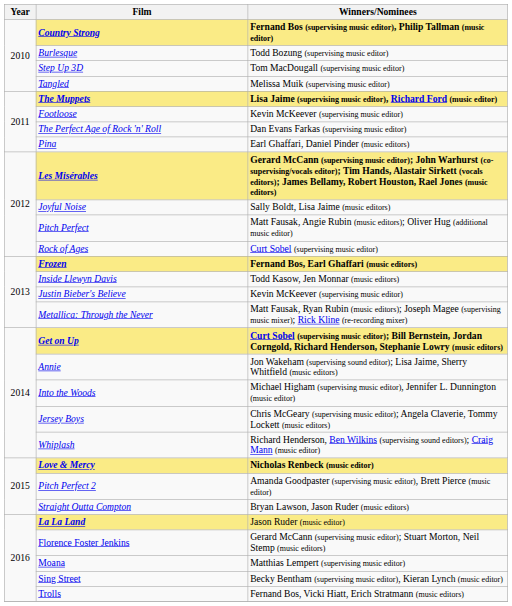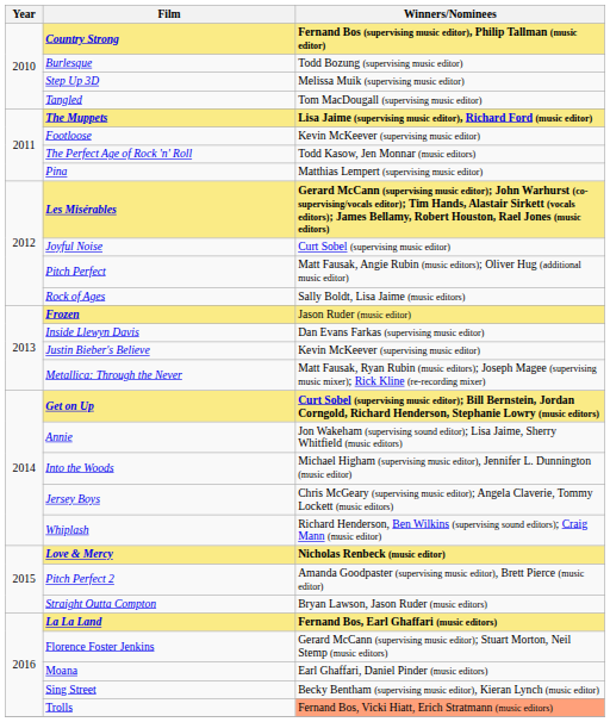 <table class="wikitable" width="95%" cellpadding="5">
 <tr>
 <th width="6%">Year</th>
 <th width="40%">Film</th>
 <th width="49%">Winners/Nominees</th>
 </tr>
 <tr>
 <td rowspan=4 style="text-align:center">2010<br></td>
 <td style="background:#FAEB86;"><strong><em><a href='#'>Country Strong</a></em></strong></td>
 <td style="background:#FAEB86;"><strong>Fernand Bos <small>(supervising music editor)</small>, Philip Tallman <small>(music editor)</small></strong></td>
 </tr>
 <tr>
 <td><em><a href='#'>Burlesque</a></em></td>
 <td>Todd Bozung <small>(supervising music editor)</small></td>
 </tr>
 <tr>
 <td><em><a href='#'>Step Up 3D</a></em></td>
-<td>Tom MacDougall <small>(supervising music editor)</small></td>
+<td>Melissa Muik <small>(supervising music editor)</small></td>
 </tr>
 <tr>
 <td><em><a href='#'>Tangled</a></em></td>
-<td>Melissa Muik <small>(supervising music editor)</small></td>
+<td>Tom MacDougall <small>(supervising music editor)</small></td>
 </tr>
 <tr>
 <td rowspan=4 style="text-align:center">2011<br></td>
 <td style="background:#FAEB86;"><strong><em><a href='#'>The Muppets</a></em></strong></td>
 <td style="background:#FAEB86;"><strong>Lisa Jaime <small>(supervising music editor)</small>, <a href='#'>Richard Ford</a> <small>(music editor)</small></strong></td>
 </tr>
 <tr>
 <td><em><a href='#'>Footloose</a></em></td>
 <td>Kevin McKeever <small>(supervising music editor)</small></td>
 </tr>
 <tr>
 <td><em><a href='#'>The Perfect Age of Rock 'n' Roll</a></em></td>
-<td>Dan Evans Farkas <small>(supervising music editor)</small></td>
+<td>Todd Kasow, Jen Monnar <small>(music editors)</small></td>
 </tr>
 <tr>
 <td><em><a href='#'>Pina</a></em></td>
-<td>Earl Ghaffari, Daniel Pinder <small>(music editors)</small></td>
+<td>Matthias Lempert <small>(supervising music editor)</small></td>
 </tr>
 <tr>
 <td rowspan=4 style="text-align:center">2012<br></td>
 <td style="background:#FAEB86;"><strong><em><a href='#'>Les Misérables</a></em></strong></td>
 <td style="background:#FAEB86;"><strong>Gerard McCann <small>(supervising music editor)</small>; John Warhurst <small>(co-supervising/vocals editor)</small>; Tim Hands, Alastair Sirkett <small>(vocals editors)</small>; James Bellamy, Robert Houston, Rael Jones <small>(music editors)</small></strong></td>
 </tr>
 <tr>
 <td><em><a href='#'>Joyful Noise</a></em></td>
-<td>Sally Boldt, Lisa Jaime <small>(music editors)</small></td>
+<td><a href='#'>Curt Sobel</a> <small>(supervising music editor)</small></td>
 </tr>
 <tr>
 <td><em><a href='#'>Pitch Perfect</a></em></td>
 <td>Matt Fausak, Angie Rubin <small>(music editors)</small>; Oliver Hug <small>(additional music editor)</small></td>
 </tr>
 <tr>
 <td><em><a href='#'>Rock of Ages</a></em></td>
-<td><a href='#'>Curt Sobel</a> <small>(supervising music editor)</small></td>
+<td>Sally Boldt, Lisa Jaime <small>(music editors)</small></td>
 </tr>
 <tr>
 <td rowspan=4 style="text-align:center">2013<br></td>
 <td style="background:#FAEB86;"><strong><em><a href='#'>Frozen</a></em></strong></td>
-<td style="background:#FAEB86;"><strong>Fernand Bos, Earl Ghaffari <small>(music editors)</small></strong></td>
+<td style="background:#FAEB86;"></strong>Jason Ruder <small>(music editor)</small><strong></td>
 </tr>
 <tr>
 <td><em><a href='#'>Inside Llewyn Davis</a></em></td>
-<td>Todd Kasow, Jen Monnar <small>(music editors)</small></td>
+<td>Dan Evans Farkas <small>(supervising music editor)</small></td>
 </tr>
 <tr>
 <td><em><a href='#'>Justin Bieber's Believe</a></em></td>
 <td>Kevin McKeever <small>(supervising music editor)</small></td>
 </tr>
 <tr>
 <td><em><a href='#'>Metallica: Through the Never</a></em></td>
 <td>Matt Fausak, Ryan Rubin <small>(music editors)</small>; Joseph Magee <small>(supervising music mixer)</small>; <a href='#'>Rick Kline</a> <small>(re-recording mixer)</small></td>
 </tr>
 <tr>
 <td rowspan=5 style="text-align:center">2014<br></td>
 <td style="background:#FAEB86;"><strong><em><a href='#'>Get on Up</a></em></strong></td>
 <td style="background:#FAEB86;"><strong><a href='#'>Curt Sobel</a> <small>(supervising music editor)</small>; Bill Bernstein, Jordan Corngold, Richard Henderson, Stephanie Lowry <small>(music editors)</small></strong></td>
 </tr>
 <tr>
 <td><em><a href='#'>Annie</a></em></td>
 <td>Jon Wakeham <small>(supervising sound editor)</small>; Lisa Jaime, Sherry Whitfield <small>(music editors)</small></td>
 </tr>
 <tr>
 <td><em><a href='#'>Into the Woods</a></em></td>
 <td>Michael Higham <small>(supervising music editor)</small>, Jennifer L. Dunnington <small>(music editor)</small></td>
 </tr>
 <tr>
 <td><em><a href='#'>Jersey Boys</a></em></td>
 <td>Chris McGeary <small>(supervising music editor)</small>; Angela Claverie, Tommy Lockett <small>(music editors)</small></td>
 </tr>
 <tr>
 <td><em><a href='#'>Whiplash</a></em></td>
 <td>Richard Henderson, <a href='#'>Ben Wilkins</a> <small>(supervising sound editors)</small>; <a href='#'>Craig Mann</a> <small>(music editor)</small></td>
 </tr>
 <tr>
 <td rowspan=3 style="text-align:center">2015<br></td>
 <td style="background:#FAEB86;"><strong><em><a href='#'>Love & Mercy</a></em></strong></td>
 <td style="background:#FAEB86;"><strong>Nicholas Renbeck <small>(music editor)</small></strong></td>
 </tr>
 <tr>
 <td><em><a href='#'>Pitch Perfect 2</a></em></td>
 <td>Amanda Goodpaster <small>(supervising music editor)</small>, Brett Pierce <small>(music editor)</small></td>
 </tr>
 <tr>
 <td><em><a href='#'>Straight Outta Compton</a></em></td>
 <td>Bryan Lawson, Jason Ruder <small>(music editors)</small></td>
 </tr>
 <tr>
 <td rowspan=5 style="text-align:center">2016<br></td>
 <td style="background:#FAEB86;"><strong><em><a href='#'>La La Land</a><em> <strong></td>
-<td style="background:#FAEB86;"></strong>Jason Ruder <small>(music editor)</small><strong></td>
+<td style="background:#FAEB86;"><strong>Fernand Bos, Earl Ghaffari <small>(music editors)</small></strong></td>
 </tr>
 <tr>
 <td></em><a href='#'>Florence Foster Jenkins</a><em></td>
 <td>Gerard McCann <small>(supervising music editor)</small>; Stuart Morton, Neil Stemp <small>(music editors)</small></td>
 </tr>
 <tr>
 <td></em><a href='#'>Moana</a><em></td>
-<td>Matthias Lempert <small>(supervising music editor)</small></td>
+<td>Earl Ghaffari, Daniel Pinder <small>(music editors)</small></td>
 </tr>
 <tr>
 <td></em><a href='#'>Sing Street</a><em></td>
 <td>Becky Bentham <small>(supervising music editor)</small>, Kieran Lynch <small>(music editor)</small></td>
 </tr>
 <tr>
 <td></em><a href='#'>Trolls</a><em></td>
-<td>Fernand Bos, Vicki Hiatt, Erich Stratmann <small>(music editors)</small></td>
+<td style="background: lightsalmon;">Fernand Bos, Vicki Hiatt, Erich Stratmann <small>(music editors)</small></td>
 </tr>
 <tr>
 </tr>
 </table>
